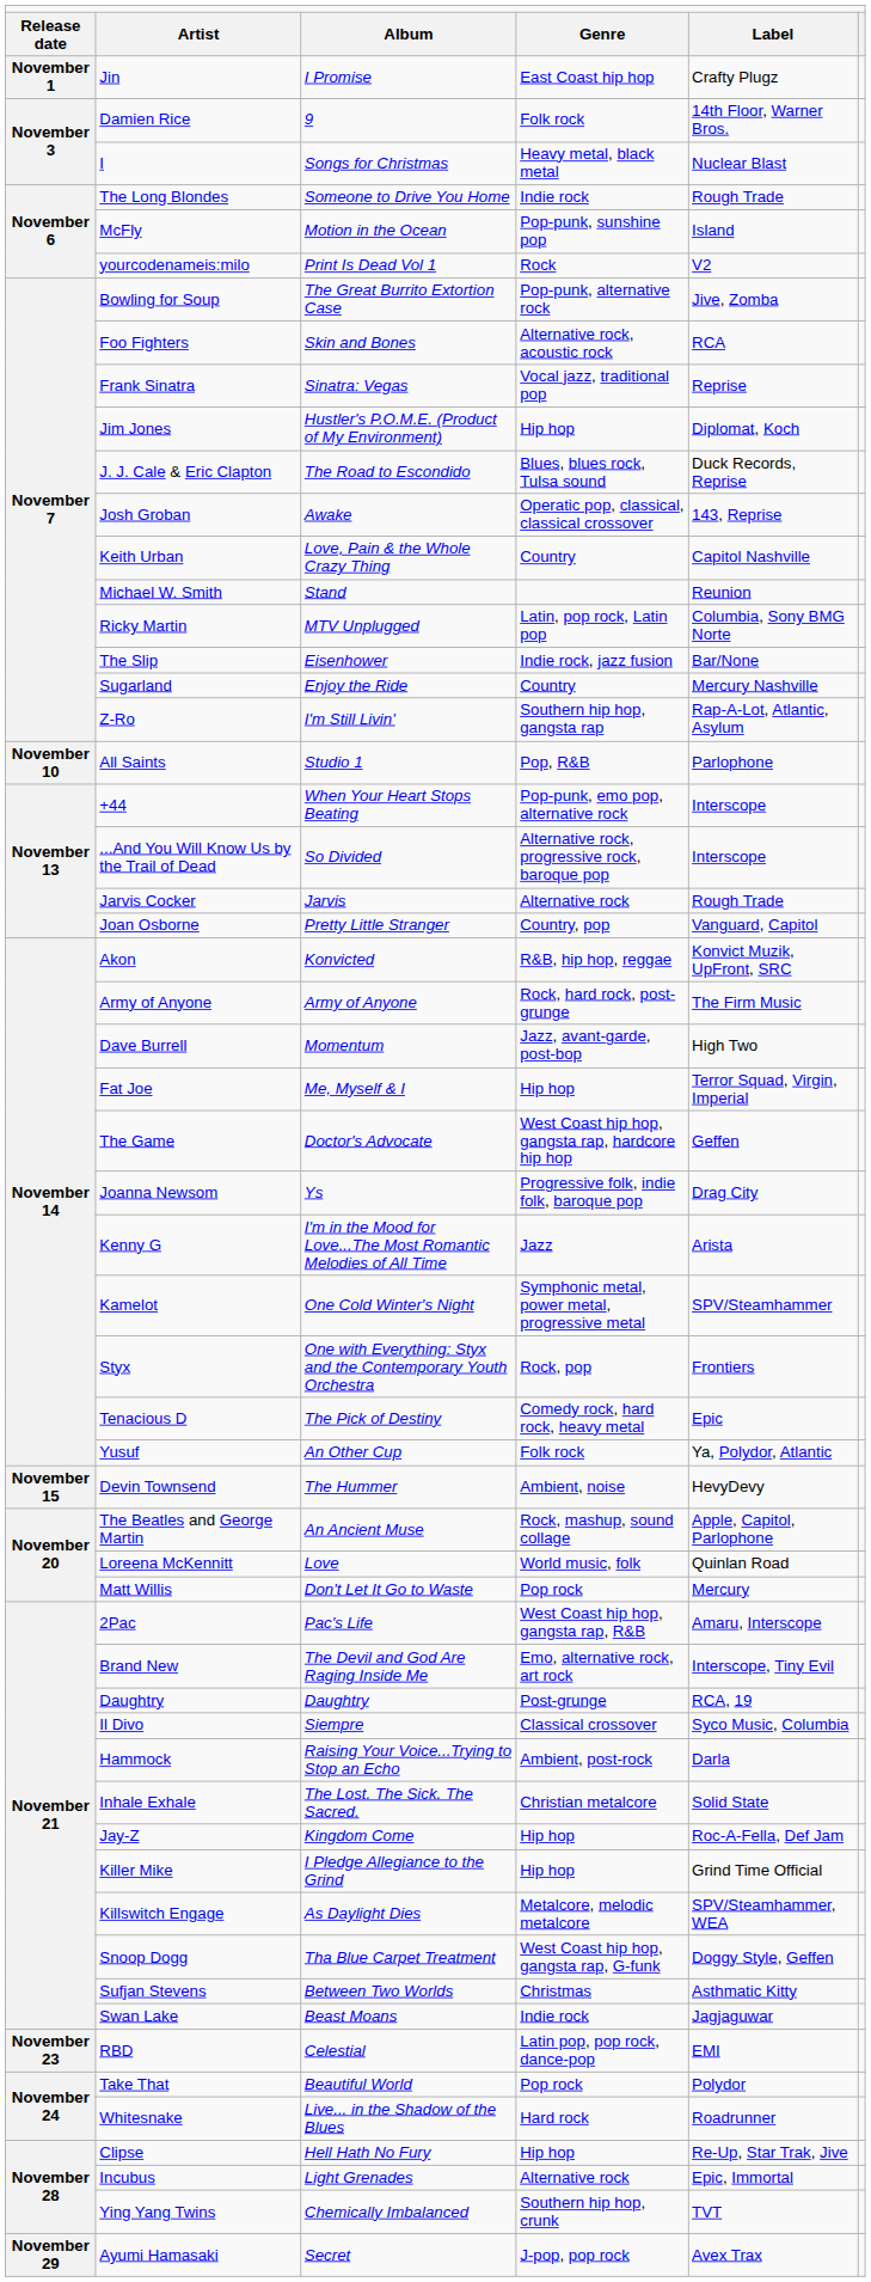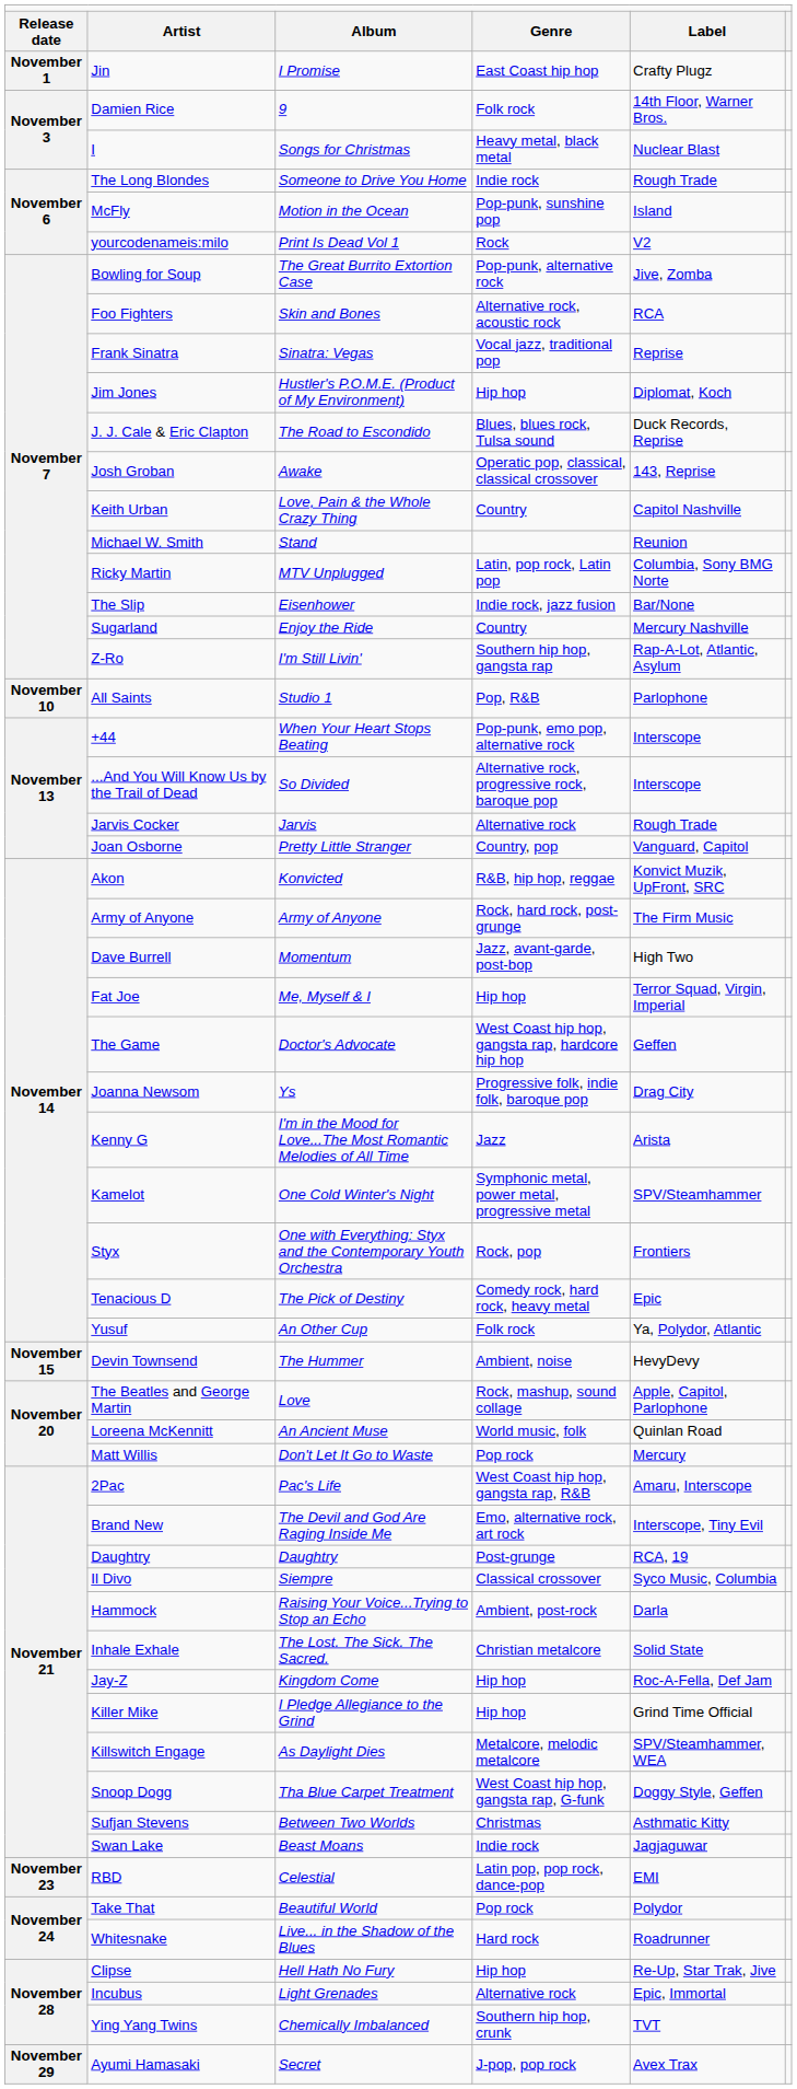 <table class="wikitable plainrowheaders">
 <tr>
 <td colspan="6" style="text-align:center;"></td>
 </tr>
 <tr>
 <th scope="col">Release date</th>
 <th scope="col">Artist</th>
 <th scope="col">Album</th>
 <th scope="col">Genre</th>
 <th scope="col">Label</th>
 <th scope="col"></th>
 </tr>
 <tr>
 <th scope="row" style="text-align:center;">November<br>1</th>
 <td><a href='#'>Jin</a></td>
 <td><em><a href='#'>I Promise</a></em></td>
 <td><a href='#'>East Coast hip hop</a></td>
 <td>Crafty Plugz</td>
 <td></td>
 </tr>
 <tr>
 <th scope="row" rowspan="2" style="text-align:center;">November<br>3</th>
 <td><a href='#'>Damien Rice</a></td>
 <td><em><a href='#'>9</a></em></td>
 <td><a href='#'>Folk rock</a></td>
 <td><a href='#'>14th Floor</a>, <a href='#'>Warner Bros.</a></td>
 <td></td>
 </tr>
 <tr>
 <td><a href='#'>I</a></td>
 <td><em><a href='#'>Songs for Christmas</a></em></td>
 <td><a href='#'>Heavy metal</a>, <a href='#'>black metal</a></td>
 <td><a href='#'>Nuclear Blast</a></td>
 <td></td>
 </tr>
 <tr>
 <th scope="row" rowspan="3" style="text-align:center;">November<br>6</th>
 <td><a href='#'>The Long Blondes</a></td>
 <td><em><a href='#'>Someone to Drive You Home</a></em></td>
 <td><a href='#'>Indie rock</a></td>
 <td><a href='#'>Rough Trade</a></td>
 <td></td>
 </tr>
 <tr>
 <td><a href='#'>McFly</a></td>
 <td><em><a href='#'>Motion in the Ocean</a></em></td>
 <td><a href='#'>Pop-punk</a>, <a href='#'>sunshine pop</a></td>
 <td><a href='#'>Island</a></td>
 <td></td>
 </tr>
 <tr>
 <td><a href='#'>yourcodenameis:milo</a></td>
 <td><em><a href='#'>Print Is Dead Vol 1</a></em></td>
 <td><a href='#'>Rock</a></td>
 <td><a href='#'>V2</a></td>
 <td></td>
 </tr>
 <tr>
 <th scope="row" rowspan="12" style="text-align:center;">November<br>7</th>
 <td><a href='#'>Bowling for Soup</a></td>
 <td><em><a href='#'>The Great Burrito Extortion Case</a></em></td>
 <td><a href='#'>Pop-punk</a>, <a href='#'>alternative rock</a></td>
 <td><a href='#'>Jive</a>, <a href='#'>Zomba</a></td>
 <td></td>
 </tr>
 <tr>
 <td><a href='#'>Foo Fighters</a></td>
 <td><em><a href='#'>Skin and Bones</a></em></td>
 <td><a href='#'>Alternative rock</a>, <a href='#'>acoustic rock</a></td>
 <td><a href='#'>RCA</a></td>
 <td></td>
 </tr>
 <tr>
 <td><a href='#'>Frank Sinatra</a></td>
 <td><em><a href='#'>Sinatra: Vegas</a></em></td>
 <td><a href='#'>Vocal jazz</a>, <a href='#'>traditional pop</a></td>
 <td><a href='#'>Reprise</a></td>
 <td></td>
 </tr>
 <tr>
 <td><a href='#'>Jim Jones</a></td>
 <td><em><a href='#'>Hustler's P.O.M.E. (Product of My Environment)</a></em></td>
 <td><a href='#'>Hip hop</a></td>
 <td><a href='#'>Diplomat</a>, <a href='#'>Koch</a></td>
 <td></td>
 </tr>
 <tr>
 <td><a href='#'>J. J. Cale</a> & <a href='#'>Eric Clapton</a></td>
 <td><em><a href='#'>The Road to Escondido</a></em></td>
 <td><a href='#'>Blues</a>, <a href='#'>blues rock</a>, <a href='#'>Tulsa sound</a></td>
 <td>Duck Records, <a href='#'>Reprise</a></td>
 <td></td>
 </tr>
 <tr>
 <td><a href='#'>Josh Groban</a></td>
 <td><em><a href='#'>Awake</a></em></td>
 <td><a href='#'>Operatic pop</a>, <a href='#'>classical</a>, <a href='#'>classical crossover</a></td>
 <td><a href='#'>143</a>, <a href='#'>Reprise</a></td>
 <td></td>
 </tr>
 <tr>
 <td><a href='#'>Keith Urban</a></td>
 <td><em><a href='#'>Love, Pain & the Whole Crazy Thing</a></em></td>
 <td><a href='#'>Country</a></td>
 <td><a href='#'>Capitol Nashville</a></td>
 <td></td>
 </tr>
 <tr>
 <td><a href='#'>Michael W. Smith</a></td>
 <td><em><a href='#'>Stand</a></em></td>
 <td></td>
 <td><a href='#'>Reunion</a></td>
 <td></td>
 </tr>
 <tr>
 <td><a href='#'>Ricky Martin</a></td>
 <td><em><a href='#'>MTV Unplugged</a></em></td>
 <td><a href='#'>Latin</a>, <a href='#'>pop rock</a>, <a href='#'>Latin pop</a></td>
 <td><a href='#'>Columbia</a>, <a href='#'>Sony BMG Norte</a></td>
 <td></td>
 </tr>
 <tr>
 <td><a href='#'>The Slip</a></td>
 <td><em><a href='#'>Eisenhower</a></em></td>
 <td><a href='#'>Indie rock</a>, <a href='#'>jazz fusion</a></td>
 <td><a href='#'>Bar/None</a></td>
 <td></td>
 </tr>
 <tr>
 <td><a href='#'>Sugarland</a></td>
 <td><em><a href='#'>Enjoy the Ride</a></em></td>
 <td><a href='#'>Country</a></td>
 <td><a href='#'>Mercury Nashville</a></td>
 <td></td>
 </tr>
 <tr>
 <td><a href='#'>Z-Ro</a></td>
 <td><em><a href='#'>I'm Still Livin'</a></em></td>
 <td><a href='#'>Southern hip hop</a>, <a href='#'>gangsta rap</a></td>
 <td><a href='#'>Rap-A-Lot</a>, <a href='#'>Atlantic</a>, <a href='#'>Asylum</a></td>
 <td></td>
 </tr>
 <tr>
 <th scope="row" style="text-align:center;">November<br>10</th>
 <td><a href='#'>All Saints</a></td>
 <td><em><a href='#'>Studio 1</a></em></td>
 <td><a href='#'>Pop</a>, <a href='#'>R&B</a></td>
 <td><a href='#'>Parlophone</a></td>
 <td></td>
 </tr>
 <tr>
 <th scope="row" rowspan="4" style="text-align:center;">November<br>13</th>
 <td><a href='#'>+44</a></td>
 <td><em><a href='#'>When Your Heart Stops Beating</a></em></td>
 <td><a href='#'>Pop-punk</a>, <a href='#'>emo pop</a>, <a href='#'>alternative rock</a></td>
 <td><a href='#'>Interscope</a></td>
 <td></td>
 </tr>
 <tr>
 <td><a href='#'>...And You Will Know Us by the Trail of Dead</a></td>
 <td><em><a href='#'>So Divided</a></em></td>
 <td><a href='#'>Alternative rock</a>, <a href='#'>progressive rock</a>, <a href='#'>baroque pop</a></td>
 <td><a href='#'>Interscope</a></td>
 <td></td>
 </tr>
 <tr>
 <td><a href='#'>Jarvis Cocker</a></td>
 <td><em><a href='#'>Jarvis</a></em></td>
 <td><a href='#'>Alternative rock</a></td>
 <td><a href='#'>Rough Trade</a></td>
 <td></td>
 </tr>
 <tr>
 <td><a href='#'>Joan Osborne</a></td>
 <td><em><a href='#'>Pretty Little Stranger</a></em></td>
 <td><a href='#'>Country</a>, <a href='#'>pop</a></td>
 <td><a href='#'>Vanguard</a>, <a href='#'>Capitol</a></td>
 <td></td>
 </tr>
 <tr>
 <th scope="row" rowspan="11" style="text-align:center;">November<br>14</th>
 <td><a href='#'>Akon</a></td>
 <td><em><a href='#'>Konvicted</a></em></td>
 <td><a href='#'>R&B</a>, <a href='#'>hip hop</a>, <a href='#'>reggae</a></td>
 <td><a href='#'>Konvict Muzik</a>, <a href='#'>UpFront</a>, <a href='#'>SRC</a></td>
 <td></td>
 </tr>
 <tr>
 <td><a href='#'>Army of Anyone</a></td>
 <td><em><a href='#'>Army of Anyone</a></em></td>
 <td><a href='#'>Rock</a>, <a href='#'>hard rock</a>, <a href='#'>post-grunge</a></td>
 <td><a href='#'>The Firm Music</a></td>
 <td></td>
 </tr>
 <tr>
 <td><a href='#'>Dave Burrell</a></td>
 <td><em><a href='#'>Momentum</a></em></td>
 <td><a href='#'>Jazz</a>, <a href='#'>avant-garde</a>, <a href='#'>post-bop</a></td>
 <td>High Two</td>
 <td></td>
 </tr>
 <tr>
 <td><a href='#'>Fat Joe</a></td>
 <td><em><a href='#'>Me, Myself & I</a></em></td>
 <td><a href='#'>Hip hop</a></td>
 <td><a href='#'>Terror Squad</a>, <a href='#'>Virgin</a>, <a href='#'>Imperial</a></td>
 <td></td>
 </tr>
 <tr>
 <td><a href='#'>The Game</a></td>
 <td><em><a href='#'>Doctor's Advocate</a></em></td>
 <td><a href='#'>West Coast hip hop</a>, <a href='#'>gangsta rap</a>, <a href='#'>hardcore hip hop</a></td>
 <td><a href='#'>Geffen</a></td>
 <td></td>
 </tr>
 <tr>
 <td><a href='#'>Joanna Newsom</a></td>
 <td><em><a href='#'>Ys</a></em></td>
 <td><a href='#'>Progressive folk</a>, <a href='#'>indie folk</a>, <a href='#'>baroque pop</a></td>
 <td><a href='#'>Drag City</a></td>
 <td></td>
 </tr>
 <tr>
 <td><a href='#'>Kenny G</a></td>
 <td><em><a href='#'>I'm in the Mood for Love...The Most Romantic Melodies of All Time</a></em></td>
 <td><a href='#'>Jazz</a></td>
 <td><a href='#'>Arista</a></td>
 <td></td>
 </tr>
 <tr>
 <td><a href='#'>Kamelot</a></td>
 <td><em><a href='#'>One Cold Winter's Night</a></em></td>
 <td><a href='#'>Symphonic metal</a>, <a href='#'>power metal</a>, <a href='#'>progressive metal</a></td>
 <td><a href='#'>SPV/Steamhammer</a></td>
 <td></td>
 </tr>
 <tr>
 <td><a href='#'>Styx</a></td>
 <td><em><a href='#'>One with Everything: Styx and the Contemporary Youth Orchestra</a></em></td>
 <td><a href='#'>Rock</a>, <a href='#'>pop</a></td>
 <td><a href='#'>Frontiers</a></td>
 <td></td>
 </tr>
 <tr>
 <td><a href='#'>Tenacious D</a></td>
 <td><em><a href='#'>The Pick of Destiny</a></em></td>
 <td><a href='#'>Comedy rock</a>, <a href='#'>hard rock</a>, <a href='#'>heavy metal</a></td>
 <td><a href='#'>Epic</a></td>
 <td></td>
 </tr>
 <tr>
 <td><a href='#'>Yusuf</a></td>
 <td><em><a href='#'>An Other Cup</a></em></td>
 <td><a href='#'>Folk rock</a></td>
 <td>Ya, <a href='#'>Polydor</a>, <a href='#'>Atlantic</a></td>
 <td></td>
 </tr>
 <tr>
 <th scope="row" style="text-align:center;">November<br>15</th>
 <td><a href='#'>Devin Townsend</a></td>
 <td><em><a href='#'>The Hummer</a></em></td>
 <td><a href='#'>Ambient</a>, <a href='#'>noise</a></td>
 <td>HevyDevy</td>
 <td></td>
 </tr>
 <tr>
 <th scope="row" rowspan="3" style="text-align:center;">November<br>20</th>
 <td><a href='#'>The Beatles</a> and <a href='#'>George Martin</a></td>
-<td><em><a href='#'>An Ancient Muse</a></em></td>
+<td><em><a href='#'>Love</a></em></td>
 <td><a href='#'>Rock</a>, <a href='#'>mashup</a>, <a href='#'>sound collage</a></td>
 <td><a href='#'>Apple</a>, <a href='#'>Capitol</a>, <a href='#'>Parlophone</a></td>
 <td></td>
 </tr>
 <tr>
 <td><a href='#'>Loreena McKennitt</a></td>
-<td><em><a href='#'>Love</a></em></td>
+<td><em><a href='#'>An Ancient Muse</a></em></td>
 <td><a href='#'>World music</a>, <a href='#'>folk</a></td>
 <td>Quinlan Road</td>
 <td></td>
 </tr>
 <tr>
 <td><a href='#'>Matt Willis</a></td>
 <td><em><a href='#'>Don't Let It Go to Waste</a></em></td>
 <td><a href='#'>Pop rock</a></td>
 <td><a href='#'>Mercury</a></td>
 <td></td>
 </tr>
 <tr>
 <th scope="row" rowspan="12" style="text-align:center;">November<br>21</th>
 <td><a href='#'>2Pac</a></td>
 <td><em><a href='#'>Pac's Life</a></em></td>
 <td><a href='#'>West Coast hip hop</a>, <a href='#'>gangsta rap</a>, <a href='#'>R&B</a></td>
 <td><a href='#'>Amaru</a>, <a href='#'>Interscope</a></td>
 <td></td>
 </tr>
 <tr>
 <td><a href='#'>Brand New</a></td>
 <td><em><a href='#'>The Devil and God Are Raging Inside Me</a></em></td>
 <td><a href='#'>Emo</a>, <a href='#'>alternative rock</a>, <a href='#'>art rock</a></td>
 <td><a href='#'>Interscope</a>, <a href='#'>Tiny Evil</a></td>
 <td></td>
 </tr>
 <tr>
 <td><a href='#'>Daughtry</a></td>
 <td><em><a href='#'>Daughtry</a></em></td>
 <td><a href='#'>Post-grunge</a></td>
 <td><a href='#'>RCA</a>, <a href='#'>19</a></td>
 <td></td>
 </tr>
 <tr>
 <td><a href='#'>Il Divo</a></td>
 <td><em><a href='#'>Siempre</a></em></td>
 <td><a href='#'>Classical crossover</a></td>
 <td><a href='#'>Syco Music</a>, <a href='#'>Columbia</a></td>
 <td></td>
 </tr>
 <tr>
 <td><a href='#'>Hammock</a></td>
 <td><em><a href='#'>Raising Your Voice...Trying to Stop an Echo</a></em></td>
 <td><a href='#'>Ambient</a>, <a href='#'>post-rock</a></td>
 <td><a href='#'>Darla</a></td>
 <td></td>
 </tr>
 <tr>
 <td><a href='#'>Inhale Exhale</a></td>
 <td><em><a href='#'>The Lost. The Sick. The Sacred.</a></em></td>
 <td><a href='#'>Christian metalcore</a></td>
 <td><a href='#'>Solid State</a></td>
 <td></td>
 </tr>
 <tr>
 <td><a href='#'>Jay-Z</a></td>
 <td><em><a href='#'>Kingdom Come</a></em></td>
 <td><a href='#'>Hip hop</a></td>
 <td><a href='#'>Roc-A-Fella</a>, <a href='#'>Def Jam</a></td>
 <td></td>
 </tr>
 <tr>
 <td><a href='#'>Killer Mike</a></td>
 <td><em><a href='#'>I Pledge Allegiance to the Grind</a></em></td>
 <td><a href='#'>Hip hop</a></td>
 <td>Grind Time Official</td>
 <td></td>
 </tr>
 <tr>
 <td><a href='#'>Killswitch Engage</a></td>
 <td><em><a href='#'>As Daylight Dies</a></em></td>
 <td><a href='#'>Metalcore</a>, <a href='#'>melodic metalcore</a></td>
 <td><a href='#'>SPV/Steamhammer</a>, <a href='#'>WEA</a></td>
 <td></td>
 </tr>
 <tr>
 <td><a href='#'>Snoop Dogg</a></td>
 <td><em><a href='#'>Tha Blue Carpet Treatment</a></em></td>
 <td><a href='#'>West Coast hip hop</a>, <a href='#'>gangsta rap</a>, <a href='#'>G-funk</a></td>
 <td><a href='#'>Doggy Style</a>, <a href='#'>Geffen</a></td>
 <td></td>
 </tr>
 <tr>
 <td><a href='#'>Sufjan Stevens</a></td>
 <td><em><a href='#'>Between Two Worlds</a></em></td>
 <td><a href='#'>Christmas</a></td>
 <td><a href='#'>Asthmatic Kitty</a></td>
 <td></td>
 </tr>
 <tr>
 <td><a href='#'>Swan Lake</a></td>
 <td><em><a href='#'>Beast Moans</a></em></td>
 <td><a href='#'>Indie rock</a></td>
 <td><a href='#'>Jagjaguwar</a></td>
 <td></td>
 </tr>
 <tr>
 <th scope="row" style="text-align:center;">November<br>23</th>
 <td><a href='#'>RBD</a></td>
 <td><em><a href='#'>Celestial</a></em></td>
 <td><a href='#'>Latin pop</a>, <a href='#'>pop rock</a>, <a href='#'>dance-pop</a></td>
 <td><a href='#'>EMI</a></td>
 <td></td>
 </tr>
 <tr>
 <th scope="row" rowspan="2" style="text-align:center;">November<br>24</th>
 <td><a href='#'>Take That</a></td>
 <td><em><a href='#'>Beautiful World</a></em></td>
 <td><a href='#'>Pop rock</a></td>
 <td><a href='#'>Polydor</a></td>
 <td></td>
 </tr>
 <tr>
 <td><a href='#'>Whitesnake</a></td>
 <td><em><a href='#'>Live... in the Shadow of the Blues</a></em></td>
 <td><a href='#'>Hard rock</a></td>
 <td><a href='#'>Roadrunner</a></td>
 <td></td>
 </tr>
 <tr>
 <th scope="row" rowspan="3" style="text-align:center;">November<br>28</th>
 <td><a href='#'>Clipse</a></td>
 <td><em><a href='#'>Hell Hath No Fury</a></em></td>
 <td><a href='#'>Hip hop</a></td>
 <td><a href='#'>Re-Up</a>, <a href='#'>Star Trak</a>, <a href='#'>Jive</a></td>
 <td></td>
 </tr>
 <tr>
 <td><a href='#'>Incubus</a></td>
 <td><em><a href='#'>Light Grenades</a></em></td>
 <td><a href='#'>Alternative rock</a></td>
 <td><a href='#'>Epic</a>, <a href='#'>Immortal</a></td>
 <td></td>
 </tr>
 <tr>
 <td><a href='#'>Ying Yang Twins</a></td>
 <td><em><a href='#'>Chemically Imbalanced</a></em></td>
 <td><a href='#'>Southern hip hop</a>, <a href='#'>crunk</a></td>
 <td><a href='#'>TVT</a></td>
 <td></td>
 </tr>
 <tr>
 <th scope="row" style="text-align:center;">November<br>29</th>
 <td><a href='#'>Ayumi Hamasaki</a></td>
 <td><em><a href='#'>Secret</a></em></td>
 <td><a href='#'>J-pop</a>, <a href='#'>pop rock</a></td>
 <td><a href='#'>Avex Trax</a></td>
 <td></td>
 </tr>
 </table>
